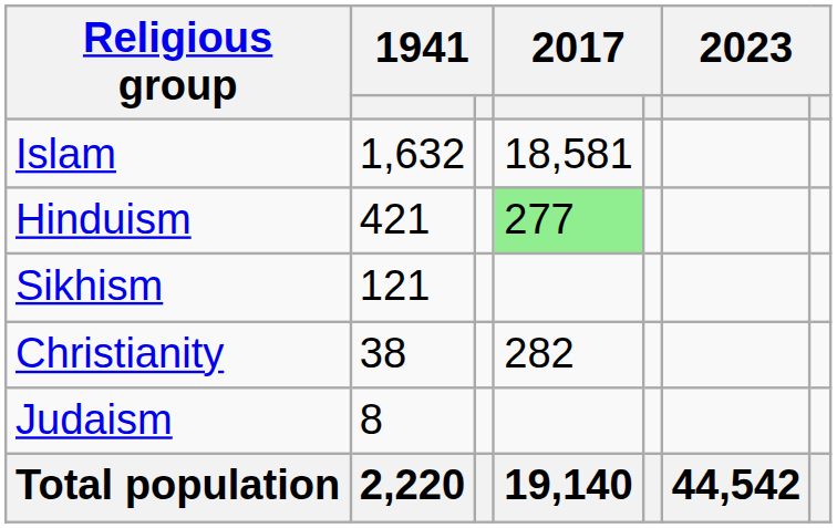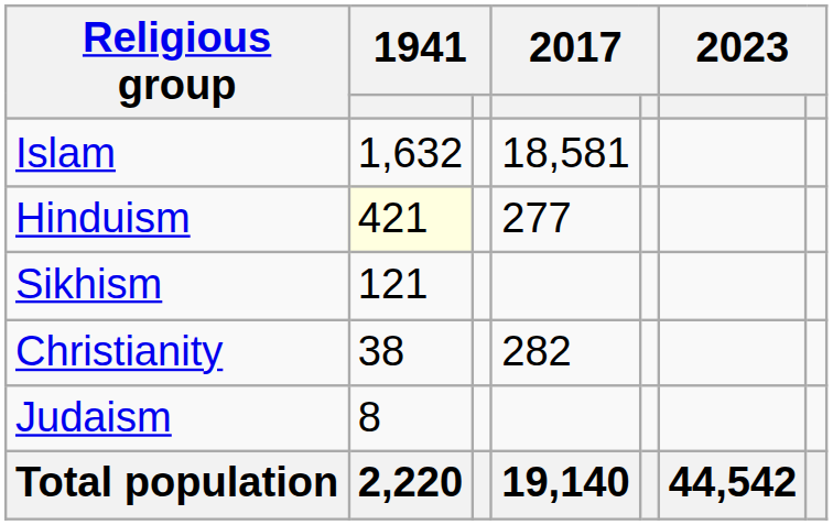 <table class="wikitable sortable">
 <tr>
 <th rowspan="2"><a href='#'>Religious</a><br>group</th>
 <th colspan="2">1941</th>
 <th colspan="2">2017</th>
 <th colspan="2">2023</th>
 </tr>
 <tr>
 <th><a href='#'></a></th>
 <th></th>
 <th></th>
 <th></th>
 <th></th>
 <th></th>
 </tr>
 <tr>
 <td><a href='#'>Islam</a> </td>
 <td>1,632</td>
 <td></td>
 <td>18,581</td>
 <td></td>
 <td></td>
 <td></td>
 </tr>
 <tr>
 <td><a href='#'>Hinduism</a> </td>
-<td>421</td>
+<td style="background: lightyellow;">421</td>
 <td></td>
-<td style="background: lightgreen;">277</td>
+<td>277</td>
 <td></td>
 <td></td>
 <td></td>
 </tr>
 <tr>
 <td><a href='#'>Sikhism</a> </td>
 <td>121</td>
 <td></td>
 <td></td>
 <td></td>
 <td></td>
 <td></td>
 </tr>
 <tr>
 <td><a href='#'>Christianity</a> </td>
 <td>38</td>
 <td></td>
 <td>282</td>
 <td></td>
 <td></td>
 <td></td>
 </tr>
 <tr>
 <td><a href='#'>Judaism</a> </td>
 <td>8</td>
 <td></td>
 <td></td>
 <td></td>
 <td></td>
 <td></td>
 </tr>
 <tr>
 <th>Total population</th>
 <th>2,220</th>
 <th></th>
 <th>19,140</th>
 <th></th>
 <th>44,542</th>
 <th></th>
 </tr>
 </table>
